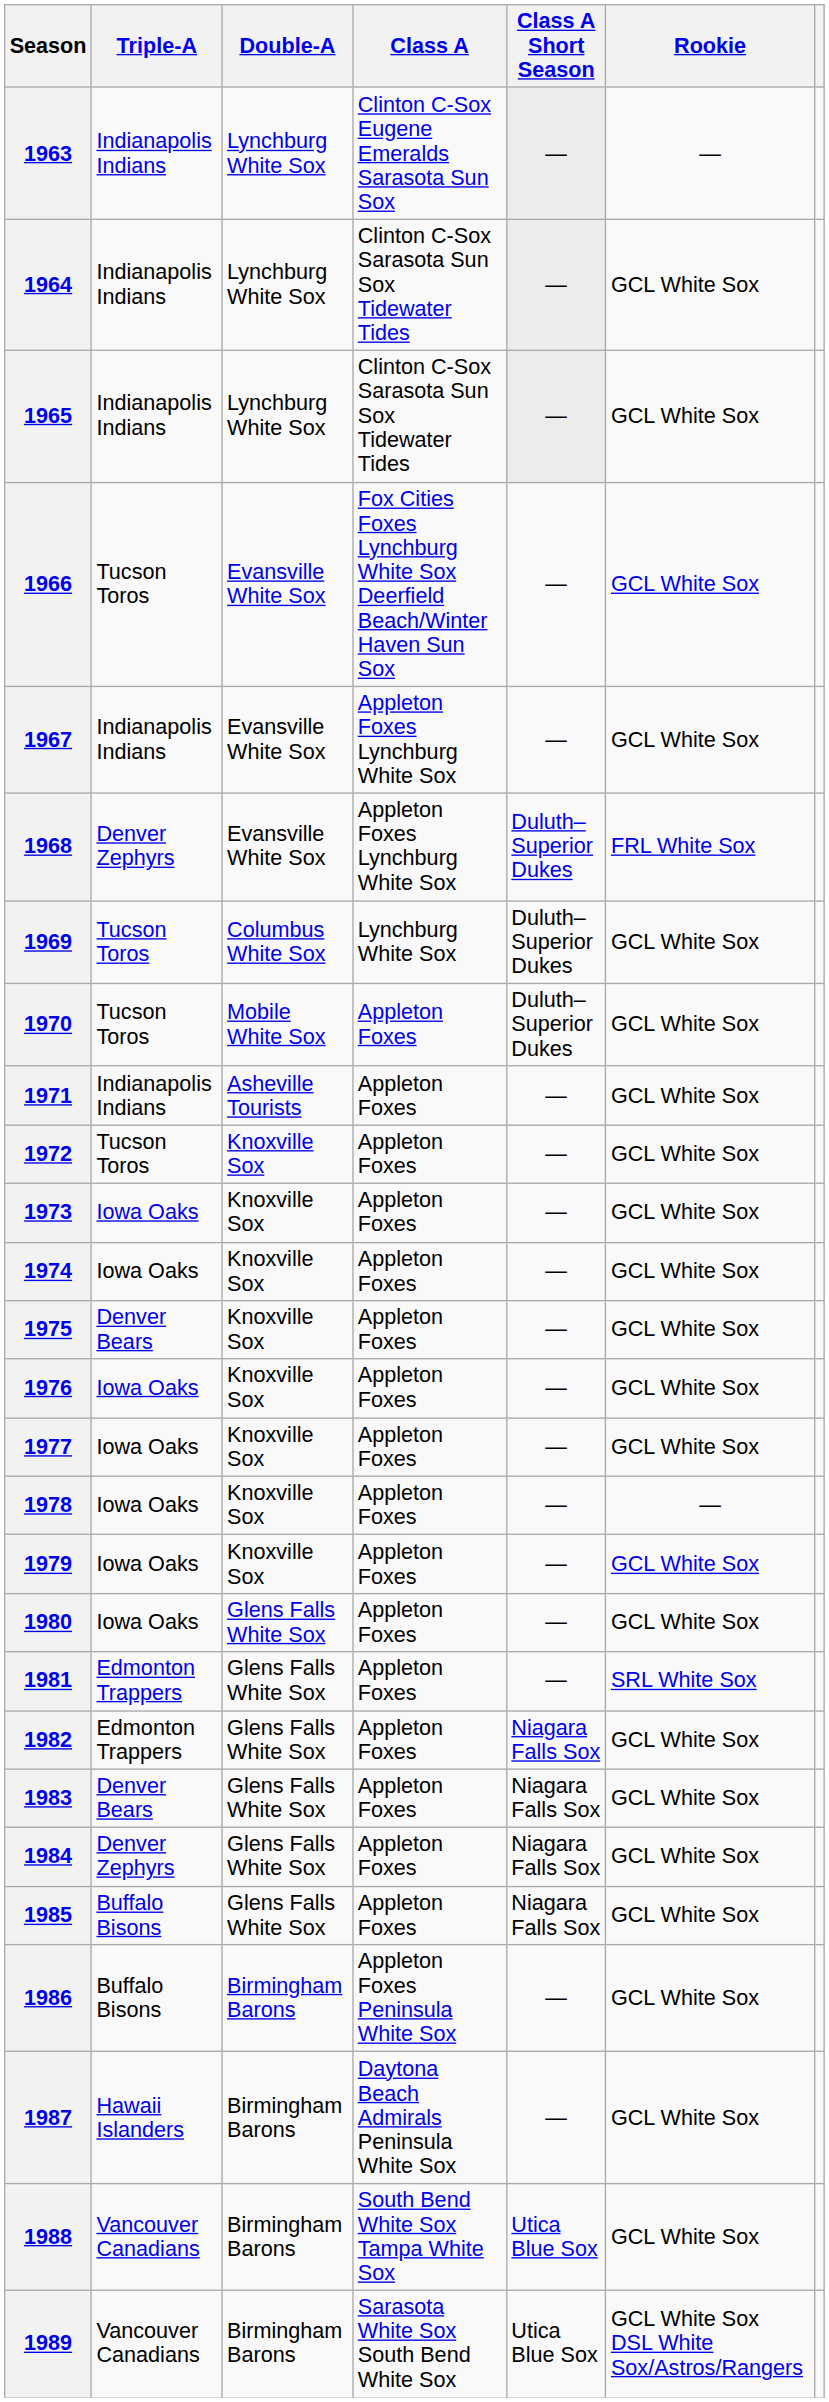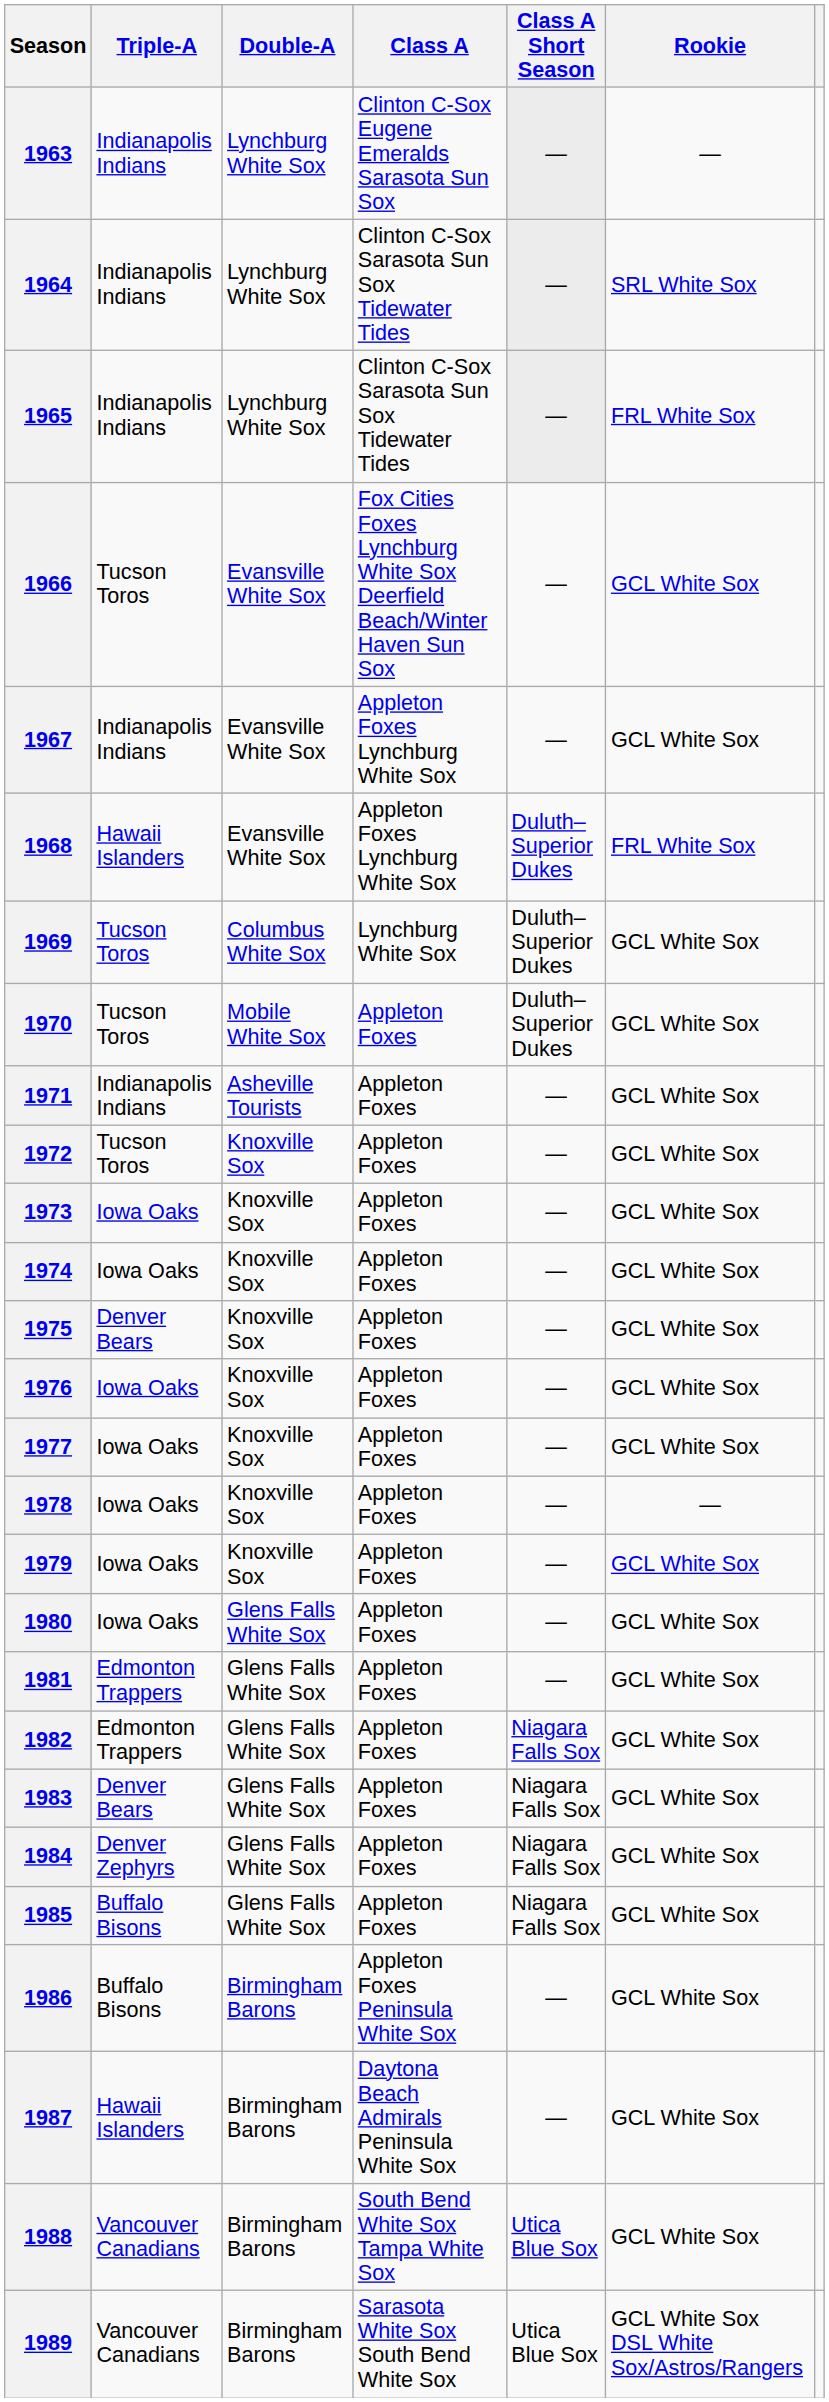 <table class="wikitable plainrowheaders">
 <tr>
 <th scope="col">Season</th>
 <th scope="col"><a href='#'><span>Triple-A</span></a></th>
 <th scope="col"><a href='#'><span>Double-A</span></a></th>
 <th scope="col"><a href='#'><span>Class A</span></a></th>
 <th scope="col"><a href='#'><span>Class A Short Season</span></a></th>
 <th scope="col"><a href='#'><span>Rookie</span></a></th>
 <th scope="col"></th>
 </tr>
 <tr>
 <th scope="row" style="text-align:center"><a href='#'>1963</a></th>
 <td><a href='#'>Indianapolis Indians</a></td>
 <td><a href='#'>Lynchburg White Sox</a></td>
 <td><a href='#'>Clinton C-Sox</a><br><a href='#'>Eugene Emeralds</a><br><a href='#'>Sarasota Sun Sox</a></td>
 <td style="background:#ececec" align="center">—</td>
 <td align="center">—</td>
 <td align="center"></td>
 </tr>
 <tr>
 <th scope="row" style="text-align:center"><a href='#'>1964</a></th>
 <td>Indianapolis Indians</td>
 <td>Lynchburg White Sox</td>
 <td>Clinton C-Sox<br>Sarasota Sun Sox<br><a href='#'>Tidewater Tides</a></td>
 <td style="background:#ececec" align="center">—</td>
-<td>GCL White Sox</td>
+<td><a href='#'>SRL White Sox</a></td>
 <td align="center"></td>
 </tr>
 <tr>
 <th scope="row" style="text-align:center"><a href='#'>1965</a></th>
 <td>Indianapolis Indians</td>
 <td>Lynchburg White Sox</td>
 <td>Clinton C-Sox<br>Sarasota Sun Sox<br>Tidewater Tides</td>
 <td style="background:#ececec" align="center">—</td>
-<td>GCL White Sox</td>
+<td><a href='#'>FRL White Sox</a></td>
 <td align="center"></td>
 </tr>
 <tr>
 <th scope="row" style="text-align:center"><a href='#'>1966</a></th>
 <td>Tucson Toros</td>
 <td><a href='#'>Evansville White Sox</a></td>
 <td><a href='#'>Fox Cities Foxes</a><br><a href='#'>Lynchburg White Sox</a><br><a href='#'>Deerfield Beach/Winter Haven Sun Sox</a></td>
 <td align="center">—</td>
 <td><a href='#'>GCL White Sox</a></td>
 <td align="center"></td>
 </tr>
 <tr>
 <th scope="row" style="text-align:center"><a href='#'>1967</a></th>
 <td>Indianapolis Indians</td>
 <td>Evansville White Sox</td>
 <td><a href='#'>Appleton Foxes</a><br>Lynchburg White Sox</td>
 <td align="center">—</td>
 <td>GCL White Sox</td>
 <td align="center"></td>
 </tr>
 <tr>
 <th scope="row" style="text-align:center"><a href='#'>1968</a></th>
-<td><a href='#'>Denver Zephyrs</a></td>
+<td><a href='#'>Hawaii Islanders</a></td>
 <td>Evansville White Sox</td>
 <td>Appleton Foxes<br>Lynchburg White Sox</td>
 <td><a href='#'>Duluth–Superior Dukes</a></td>
 <td><a href='#'>FRL White Sox</a></td>
 <td align="center"></td>
 </tr>
 <tr>
 <th scope="row" style="text-align:center"><a href='#'>1969</a></th>
 <td><a href='#'>Tucson Toros</a></td>
 <td><a href='#'>Columbus White Sox</a></td>
 <td Appleton Foxes>Lynchburg White Sox</td>
 <td>Duluth–Superior Dukes</td>
 <td>GCL White Sox</td>
 <td align="center"></td>
 </tr>
 <tr>
 <th scope="row" style="text-align:center"><a href='#'>1970</a></th>
 <td>Tucson Toros</td>
 <td><a href='#'>Mobile White Sox</a></td>
 <td><a href='#'>Appleton Foxes</a></td>
 <td>Duluth–Superior Dukes</td>
 <td>GCL White Sox</td>
 <td align="center"></td>
 </tr>
 <tr>
 <th scope="row" style="text-align:center"><a href='#'>1971</a></th>
 <td>Indianapolis Indians</td>
 <td><a href='#'>Asheville Tourists</a></td>
 <td>Appleton Foxes</td>
 <td align="center">—</td>
 <td>GCL White Sox</td>
 <td align="center"></td>
 </tr>
 <tr>
 <th scope="row" style="text-align:center"><a href='#'>1972</a></th>
 <td>Tucson Toros</td>
 <td><a href='#'>Knoxville Sox</a></td>
 <td>Appleton Foxes</td>
 <td align="center">—</td>
 <td>GCL White Sox</td>
 <td align="center"></td>
 </tr>
 <tr>
 <th scope="row" style="text-align:center"><a href='#'>1973</a></th>
 <td><a href='#'>Iowa Oaks</a></td>
 <td>Knoxville Sox</td>
 <td>Appleton Foxes</td>
 <td align="center">—</td>
 <td>GCL White Sox</td>
 <td align="center"></td>
 </tr>
 <tr>
 <th scope="row" style="text-align:center"><a href='#'>1974</a></th>
 <td>Iowa Oaks</td>
 <td>Knoxville Sox</td>
 <td>Appleton Foxes</td>
 <td align="center">—</td>
 <td>GCL White Sox</td>
 <td align="center"></td>
 </tr>
 <tr>
 <th scope="row" style="text-align:center"><a href='#'>1975</a></th>
 <td><a href='#'>Denver Bears</a></td>
 <td>Knoxville Sox</td>
 <td>Appleton Foxes</td>
 <td align="center">—</td>
 <td>GCL White Sox</td>
 <td align="center"></td>
 </tr>
 <tr>
 <th scope="row" style="text-align:center"><a href='#'>1976</a></th>
 <td><a href='#'>Iowa Oaks</a></td>
 <td>Knoxville Sox</td>
 <td>Appleton Foxes</td>
 <td align="center">—</td>
 <td>GCL White Sox</td>
 <td align="center"></td>
 </tr>
 <tr>
 <th scope="row" style="text-align:center"><a href='#'>1977</a></th>
 <td>Iowa Oaks</td>
 <td>Knoxville Sox</td>
 <td>Appleton Foxes</td>
 <td align="center">—</td>
 <td>GCL White Sox</td>
 <td align="center"></td>
 </tr>
 <tr>
 <th scope="row" style="text-align:center"><a href='#'>1978</a></th>
 <td>Iowa Oaks</td>
 <td>Knoxville Sox</td>
 <td>Appleton Foxes</td>
 <td align="center">—</td>
 <td align="center">—</td>
 <td align="center"></td>
 </tr>
 <tr>
 <th scope="row" style="text-align:center"><a href='#'>1979</a></th>
 <td>Iowa Oaks</td>
 <td>Knoxville Sox</td>
 <td>Appleton Foxes</td>
 <td align="center">—</td>
 <td><a href='#'>GCL White Sox</a></td>
 <td align="center"></td>
 </tr>
 <tr>
 <th scope="row" style="text-align:center"><a href='#'>1980</a></th>
 <td>Iowa Oaks</td>
 <td><a href='#'>Glens Falls White Sox</a></td>
 <td>Appleton Foxes</td>
 <td align="center">—</td>
 <td>GCL White Sox</td>
 <td align="center"></td>
 </tr>
 <tr>
 <th scope="row" style="text-align:center"><a href='#'>1981</a></th>
 <td><a href='#'>Edmonton Trappers</a></td>
 <td>Glens Falls White Sox</td>
 <td>Appleton Foxes</td>
 <td align="center">—</td>
-<td><a href='#'>SRL White Sox</a></td>
+<td>GCL White Sox</td>
 <td align="center"></td>
 </tr>
 <tr>
 <th scope="row" style="text-align:center"><a href='#'>1982</a></th>
 <td>Edmonton Trappers</td>
 <td>Glens Falls White Sox</td>
 <td>Appleton Foxes</td>
 <td><a href='#'>Niagara Falls Sox</a></td>
 <td>GCL White Sox</td>
 <td align="center"></td>
 </tr>
 <tr>
 <th scope="row" style="text-align:center"><a href='#'>1983</a></th>
 <td><a href='#'>Denver Bears</a></td>
 <td>Glens Falls White Sox</td>
 <td>Appleton Foxes</td>
 <td>Niagara Falls Sox</td>
 <td>GCL White Sox</td>
 <td align="center"></td>
 </tr>
 <tr>
 <th scope="row" style="text-align:center"><a href='#'>1984</a></th>
 <td><a href='#'>Denver Zephyrs</a></td>
 <td>Glens Falls White Sox</td>
 <td>Appleton Foxes</td>
 <td>Niagara Falls Sox</td>
 <td>GCL White Sox</td>
 <td align="center"></td>
 </tr>
 <tr>
 <th scope="row" style="text-align:center"><a href='#'>1985</a></th>
 <td><a href='#'>Buffalo Bisons</a></td>
 <td>Glens Falls White Sox</td>
 <td>Appleton Foxes</td>
 <td>Niagara Falls Sox</td>
 <td>GCL White Sox</td>
 <td align="center"></td>
 </tr>
 <tr>
 <th scope="row" style="text-align:center"><a href='#'>1986</a></th>
 <td>Buffalo Bisons</td>
 <td><a href='#'>Birmingham Barons</a></td>
 <td>Appleton Foxes<br><a href='#'>Peninsula White Sox</a></td>
 <td align="center">—</td>
 <td>GCL White Sox</td>
 <td align="center"></td>
 </tr>
 <tr>
 <th scope="row" style="text-align:center"><a href='#'>1987</a></th>
 <td><a href='#'>Hawaii Islanders</a></td>
 <td>Birmingham Barons</td>
 <td><a href='#'>Daytona Beach Admirals</a><br>Peninsula White Sox</td>
 <td align="center">—</td>
 <td>GCL White Sox</td>
 <td align="center"></td>
 </tr>
 <tr>
 <th scope="row" style="text-align:center"><a href='#'>1988</a></th>
 <td><a href='#'>Vancouver Canadians</a></td>
 <td>Birmingham Barons</td>
 <td><a href='#'>South Bend White Sox</a><br><a href='#'>Tampa White Sox</a></td>
 <td><a href='#'>Utica Blue Sox</a></td>
 <td>GCL White Sox</td>
 <td align="center"></td>
 </tr>
 <tr>
 <th scope="row" style="text-align:center"><a href='#'>1989</a></th>
 <td>Vancouver Canadians</td>
 <td>Birmingham Barons</td>
 <td><a href='#'>Sarasota White Sox</a><br>South Bend White Sox</td>
 <td>Utica Blue Sox</td>
 <td>GCL White Sox<br><a href='#'>DSL White Sox/Astros/Rangers</a></td>
 <td align="center"></td>
 </tr>
 </table>
